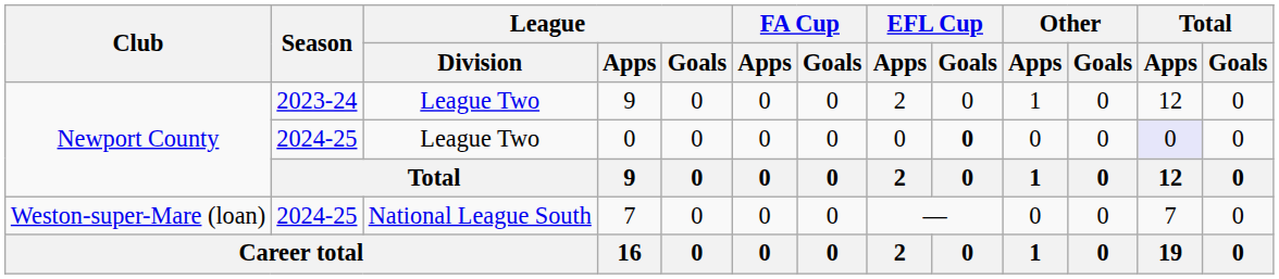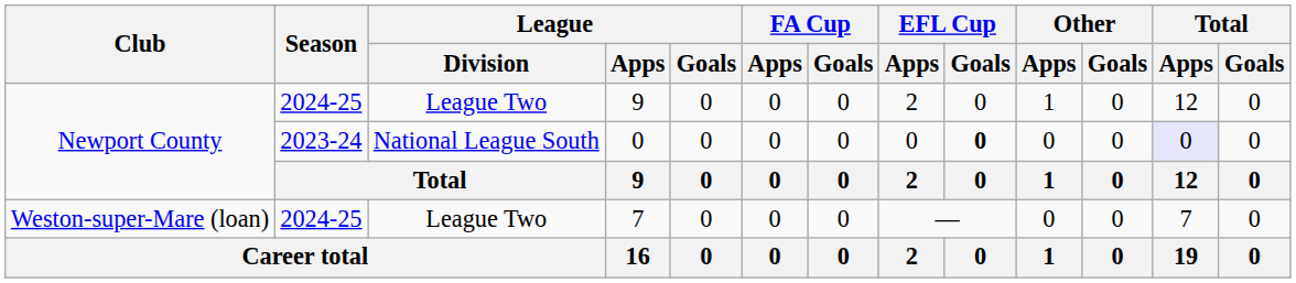 <table class="wikitable" style="text-align:center">
 <tr>
 <th rowspan="2">Club</th>
 <th rowspan="2">Season</th>
 <th colspan="3">League</th>
 <th colspan="2"><a href='#'>FA Cup</a></th>
 <th colspan="2"><a href='#'>EFL Cup</a></th>
 <th colspan="2">Other</th>
 <th colspan="2">Total</th>
 </tr>
 <tr>
 <th>Division</th>
 <th>Apps</th>
 <th>Goals</th>
 <th>Apps</th>
 <th>Goals</th>
 <th>Apps</th>
 <th>Goals</th>
 <th>Apps</th>
 <th>Goals</th>
 <th>Apps</th>
 <th>Goals</th>
 </tr>
 <tr>
 <td rowspan="3"><a href='#'>Newport County</a></td>
-<td><a href='#'>2023-24</a></td>
+<td><a href='#'>2024-25</a></td>
 <td><a href='#'>League Two</a></td>
 <td>9</td>
 <td>0</td>
 <td>0</td>
 <td>0</td>
 <td>2</td>
 <td>0</td>
 <td>1</td>
 <td>0</td>
 <td>12</td>
 <td>0</td>
 </tr>
 <tr>
-<td><a href='#'>2024-25</a></td>
-<td>League Two</td>
+<td><a href='#'>2023-24</a></td>
+<td><a href='#'>National League South</a></td>
 <td>0</td>
 <td>0</td>
 <td>0</td>
 <td>0</td>
 <td>0</td>
 <td><strong>0</strong></td>
 <td>0</td>
 <td>0</td>
 <td style="background: lavender;">0</td>
 <td>0</td>
 </tr>
 <tr>
 <th colspan="2">Total</th>
 <th>9</th>
 <th>0</th>
 <th>0</th>
 <th>0</th>
 <th>2</th>
 <th>0</th>
 <th>1</th>
 <th>0</th>
 <th>12</th>
 <th>0</th>
 </tr>
 <tr>
 <td><a href='#'>Weston-super-Mare</a> (loan)</td>
 <td><a href='#'>2024-25</a></td>
-<td><a href='#'>National League South</a></td>
+<td>League Two</td>
 <td>7</td>
 <td>0</td>
 <td>0</td>
 <td>0</td>
 <td colspan="2">—</td>
 <td>0</td>
 <td>0</td>
 <td>7</td>
 <td>0</td>
 </tr>
 <tr>
 <th colspan="3">Career total</th>
 <th>16</th>
 <th>0</th>
 <th>0</th>
 <th>0</th>
 <th>2</th>
 <th>0</th>
 <th>1</th>
 <th>0</th>
 <th>19</th>
 <th>0</th>
 </tr>
 </table>
